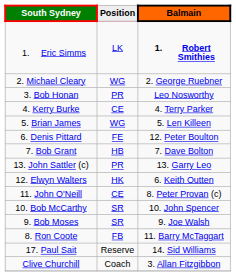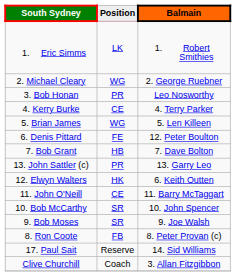 <table align="right" class="wikitable" style="font-size:90%; margin-left:1em">
 <tr bgcolor="#FF0033">
 <th style="width:140px; border:3px solid red; background: green; color: white">South Sydney</th>
 <th style="width:40px; text-align:center; background:#eee; color:black;">Position</th>
 <th style="width:140px; border:3px solid black; background: #f60; color: black">Balmain</th>
 </tr>
 <tr align=center>
 <td><br><ol><li><a href='#'>Eric Simms</a></li></ol></td>
 <td><a href='#'>LK</a></td>
-<td><strong><br><ol><li><a href='#'>Robert Smithies</a></li></ol></strong></td>
+<td><br><ol><li><a href='#'>Robert Smithies</a></li></ol></td>
 </tr>
 <tr align=center>
 <td>2. <a href='#'>Michael Cleary</a></td>
 <td><a href='#'>WG</a></td>
 <td>2. <a href='#'>George Ruebner</a></td>
 </tr>
 <tr align=center>
 <td>3. <a href='#'>Bob Honan</a></td>
 <td><a href='#'>PR</a></td>
 <td><a href='#'>Leo Nosworthy</a></td>
 </tr>
 <tr align=center>
 <td>4. <a href='#'>Kerry Burke</a></td>
 <td><a href='#'>CE</a></td>
 <td>4. <a href='#'>Terry Parker</a></td>
 </tr>
 <tr align=center>
 <td>5. <a href='#'>Brian James</a></td>
 <td><a href='#'>WG</a></td>
 <td>5. <a href='#'>Len Killeen</a></td>
 </tr>
 <tr align=center>
 <td>6. <a href='#'>Denis Pittard</a></td>
 <td><a href='#'>FE</a></td>
 <td>12. <a href='#'>Peter Boulton</a></td>
 </tr>
 <tr align=center>
 <td>7. <a href='#'>Bob Grant</a></td>
 <td><a href='#'>HB</a></td>
 <td>7. <a href='#'>Dave Bolton</a></td>
 </tr>
 <tr align=center>
 <td>13. <a href='#'>John Sattler</a> (c)</td>
 <td><a href='#'>PR</a></td>
 <td>13. <a href='#'>Garry Leo</a></td>
 </tr>
 <tr align=center>
 <td>12. <a href='#'>Elwyn Walters</a></td>
 <td><a href='#'>HK</a></td>
 <td>6. <a href='#'>Keith Outten</a></td>
 </tr>
 <tr align=center>
 <td>11. <a href='#'>John O'Neill</a></td>
 <td><a href='#'>CE</a></td>
-<td>8. <a href='#'>Peter Provan</a> (c)</td>
+<td>11. <a href='#'>Barry McTaggart</a></td>
 </tr>
 <tr align=center>
 <td>10. <a href='#'>Bob McCarthy</a></td>
 <td><a href='#'>SR</a></td>
 <td>10. <a href='#'>John Spencer</a></td>
 </tr>
 <tr align=center>
 <td>9. <a href='#'>Bob Moses</a></td>
 <td><a href='#'>SR</a></td>
 <td>9. <a href='#'>Joe Walsh</a></td>
 </tr>
 <tr align=center>
 <td>8. <a href='#'>Ron Coote</a></td>
 <td><a href='#'>FB</a></td>
-<td>11. <a href='#'>Barry McTaggart</a></td>
+<td>8. <a href='#'>Peter Provan</a> (c)</td>
 </tr>
 <tr align=center>
 <td>17. <a href='#'>Paul Sait</a></td>
 <td>Reserve</td>
 <td>14. <a href='#'>Sid Williams</a></td>
 </tr>
 <tr align=center>
 <td><a href='#'>Clive Churchill</a></td>
 <td>Coach</td>
 <td>3. <a href='#'>Allan Fitzgibbon</a></td>
 </tr>
 <tr>
 </tr>
 </table>
